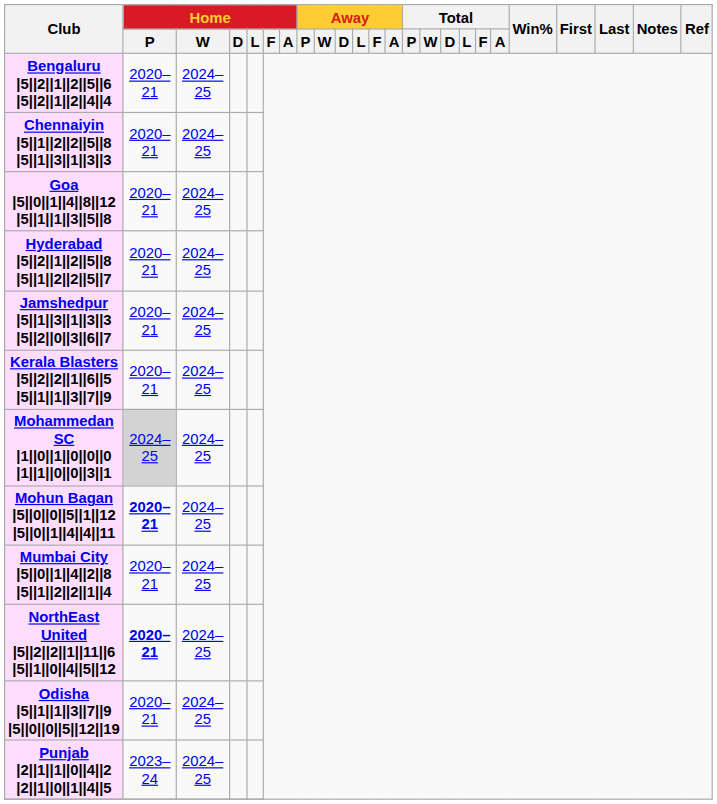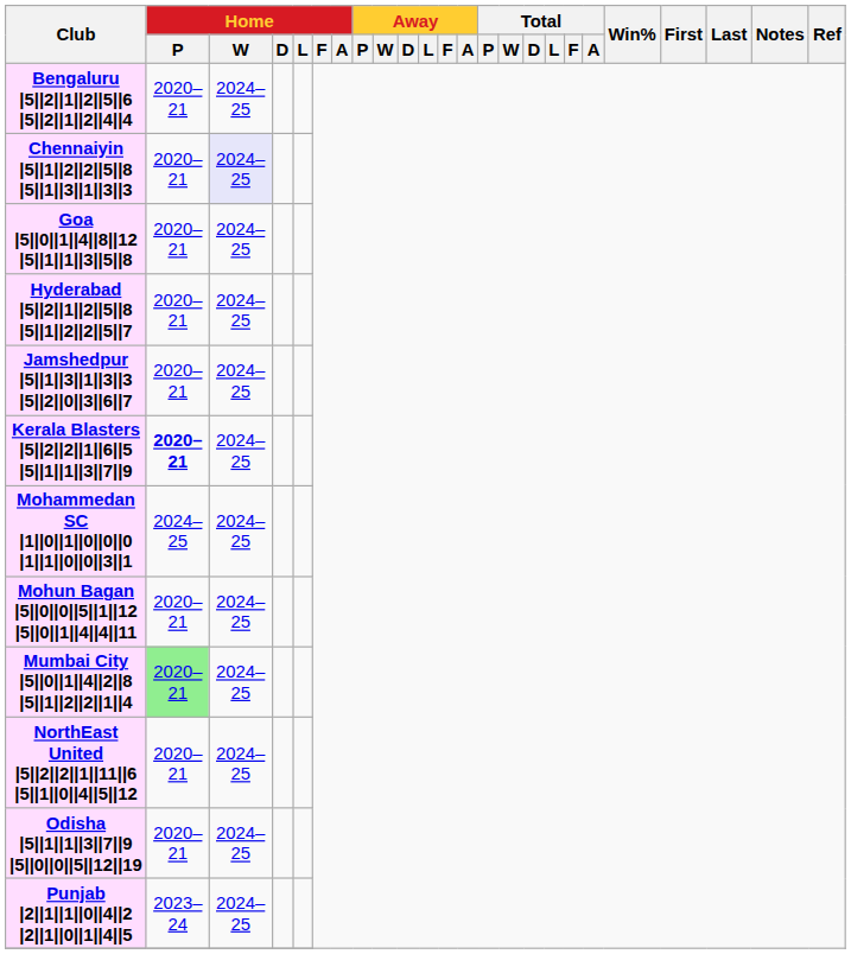 <table class="wikitable plainrowheaders sortable" style="text-align:center; font-size:80%;">
 <tr>
 <th scope=col; width=15%; rowspan=2>Club</th>
 <th style="background:#d71a23; color:#ffcd31; text-align:center;" font-size:85%; class="unsortable" colspan=6>Home</th>
 <th style="background:#ffcd31; color:#d71a23; text-align:center;" font-size:85%; class="unsortable" colspan=6>Away</th>
 <th class="unsortable" colspan=6>Total</th>
 <th rowspan=2 scope=col>Win%</th>
 <th rowspan=2 scope=col>First</th>
 <th rowspan=2 scope=col>Last</th>
 <th width=1%; class="unsortable" rowspan=2 scope=col>Notes</th>
 <th width=1%; class="unsortable" rowspan=2 scope=col>Ref</th>
 </tr>
 <tr>
 <th scope=col>P</th>
 <th scope=col>W</th>
 <th scope=col>D</th>
 <th scope=col>L</th>
 <th scope=col>F</th>
 <th scope=col>A</th>
 <th scope=col>P</th>
 <th scope=col>W</th>
 <th scope=col>D</th>
 <th scope=col>L</th>
 <th scope=col>F</th>
 <th scope=col>A</th>
 <th scope=col>P</th>
 <th scope=col>W</th>
 <th scope=col>D</th>
 <th scope=col>L</th>
 <th scope=col>F</th>
 <th scope=col>A</th>
 </tr>
 <tr>
 <th scope=row style=background:#FFDDFF><a href='#'>Bengaluru</a> <br>|5||2||1||2||5||6 |5||2||1||2||4||4 </th>
 <td><a href='#'>2020–21</a></td>
 <td><a href='#'>2024–25</a></td>
 <td></td>
 <td></td>
 </tr>
 <tr>
 <th scope=row style=background:#FFDDFF><a href='#'>Chennaiyin</a> <br>|5||1||2||2||5||8 |5||1||3||1||3||3 </th>
 <td><a href='#'>2020–21</a></td>
-<td><a href='#'>2024–25</a></td>
+<td style="background: lavender;"><a href='#'>2024–25</a></td>
 <td></td>
 <td></td>
 </tr>
 <tr>
 <th scope=row style=background:#FFDDFF><a href='#'>Goa</a> <br>|5||0||1||4||8||12 |5||1||1||3||5||8 </th>
 <td><a href='#'>2020–21</a></td>
 <td><a href='#'>2024–25</a></td>
 <td> </td>
 <td></td>
 </tr>
 <tr>
 <th scope=row style=background:#FFDDFF><a href='#'>Hyderabad</a> <br>|5||2||1||2||5||8 |5||1||2||2||5||7 </th>
 <td><a href='#'>2020–21</a></td>
 <td><a href='#'>2024–25</a></td>
 <td></td>
 <td></td>
 </tr>
 <tr>
 <th scope=row style=background:#FFDDFF><a href='#'>Jamshedpur</a> <br>|5||1||3||1||3||3 |5||2||0||3||6||7 </th>
 <td><a href='#'>2020–21</a></td>
 <td><a href='#'>2024–25</a></td>
 <td></td>
 <td></td>
 </tr>
 <tr>
 <th scope=row style=background:#FFDDFF><a href='#'>Kerala Blasters</a> <br>|5||2||2||1||6||5 |5||1||1||3||7||9 </th>
-<td><a href='#'>2020–21</a></td>
+<td><strong><a href='#'>2020–21</a></strong></td>
 <td><a href='#'>2024–25</a></td>
 <td></td>
 <td></td>
 </tr>
 <tr>
 <th scope=row style=background:#FFDDFF><a href='#'>Mohammedan SC</a> <br>|1||0||1||0||0||0 |1||1||0||0||3||1 </th>
-<td style="background: lightgrey;"><a href='#'>2024–25</a></td>
+<td><a href='#'>2024–25</a></td>
 <td><a href='#'>2024–25</a></td>
 <td></td>
 <td></td>
 </tr>
 <tr>
 <th scope=row style=background:#FFDDFF><a href='#'>Mohun Bagan</a> <br>|5||0||0||5||1||12 |5||0||1||4||4||11 </th>
-<td><strong><a href='#'>2020–21</a></strong></td>
+<td><a href='#'>2020–21</a></td>
 <td><a href='#'>2024–25</a></td>
 <td> </td>
 <td></td>
 </tr>
 <tr>
 <th scope=row style=background:#FFDDFF><a href='#'>Mumbai City</a> <br>|5||0||1||4||2||8 |5||1||2||2||1||4 </th>
-<td><a href='#'>2020–21</a></td>
+<td style="background: lightgreen;"><a href='#'>2020–21</a></td>
 <td><a href='#'>2024–25</a></td>
 <td></td>
 <td></td>
 </tr>
 <tr>
 <th scope=row style=background:#FFDDFF><a href='#'>NorthEast United</a> <br>|5||2||2||1||11||6 |5||1||0||4||5||12 </th>
-<td><strong><a href='#'>2020–21</a></strong></td>
+<td><a href='#'>2020–21</a></td>
 <td><a href='#'>2024–25</a></td>
 <td></td>
 <td></td>
 </tr>
 <tr>
 <th scope=row style=background:#FFDDFF><a href='#'>Odisha</a> <br>|5||1||1||3||7||9 |5||0||0||5||12||19 </th>
 <td><a href='#'>2020–21</a></td>
 <td><a href='#'>2024–25</a></td>
 <td></td>
 <td></td>
 </tr>
 <tr>
 <th scope=row style=background:#FFDDFF><a href='#'>Punjab</a> <br>|2||1||1||0||4||2 |2||1||0||1||4||5 </th>
 <td><a href='#'>2023–24</a></td>
 <td><a href='#'>2024–25</a></td>
 <td></td>
 <td></td>
 </tr>
 <tr>
 </tr>
 </table>
